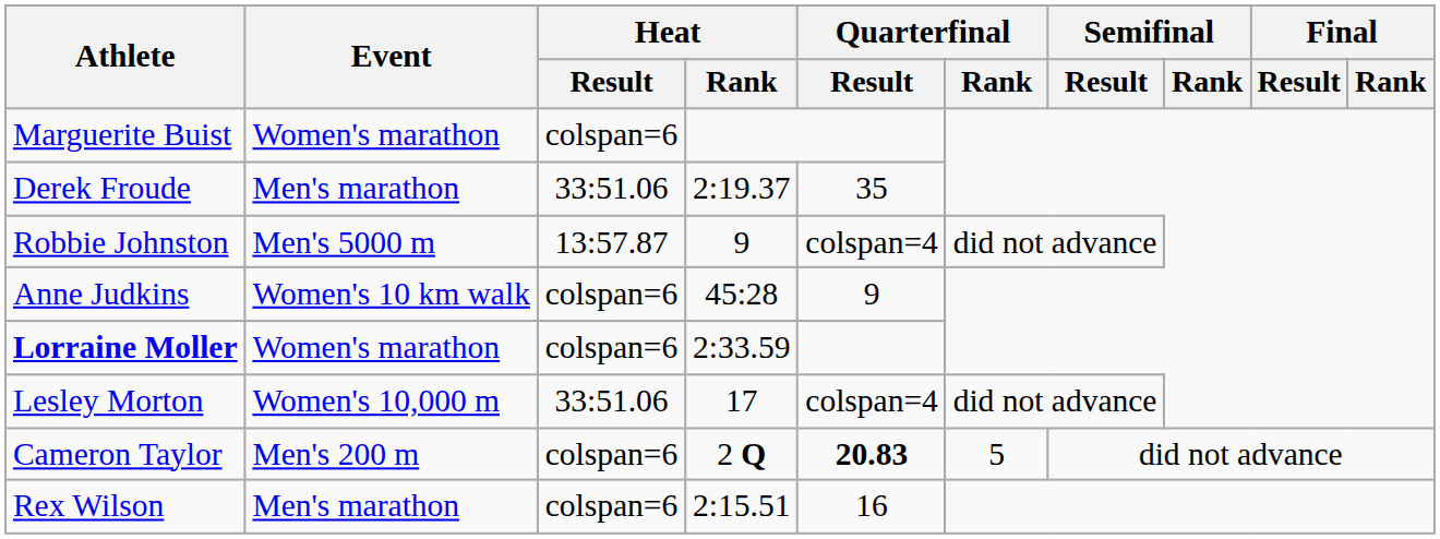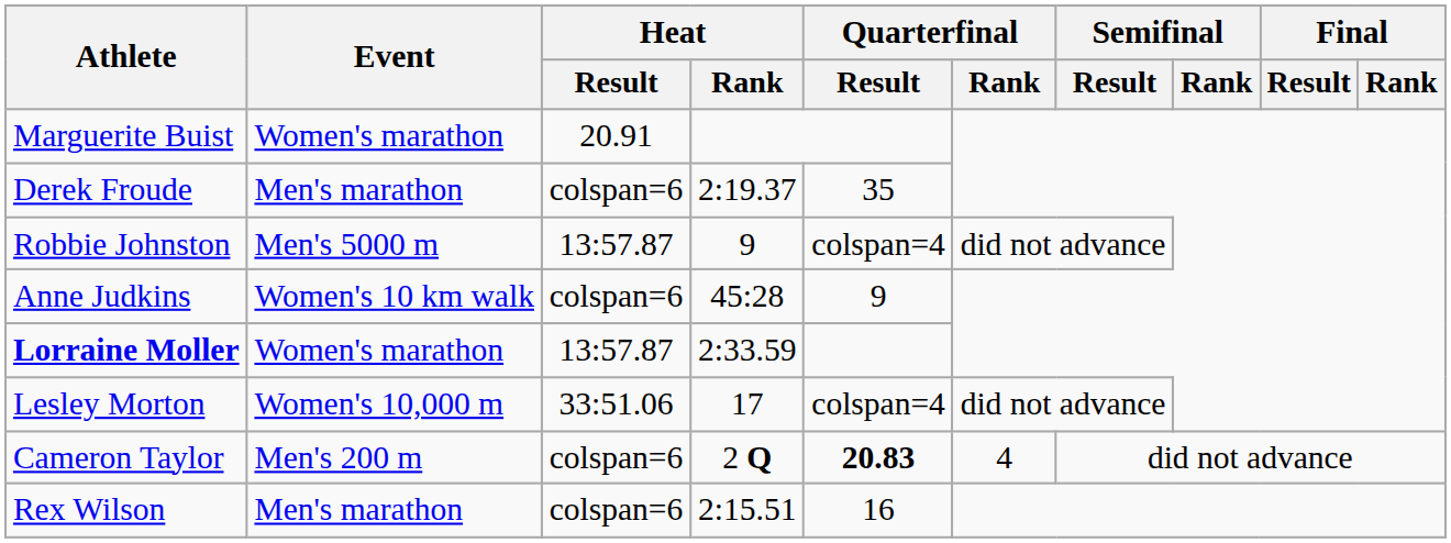 <table class=wikitable style=font-size:90%>
 <tr>
 <th rowspan=2>Athlete</th>
 <th rowspan=2>Event</th>
 <th colspan=2>Heat</th>
 <th colspan=2>Quarterfinal</th>
 <th colspan=2>Semifinal</th>
 <th colspan=2>Final</th>
 </tr>
 <tr style=font-size:95%>
 <th>Result</th>
 <th>Rank</th>
 <th>Result</th>
 <th>Rank</th>
 <th>Result</th>
 <th>Rank</th>
 <th>Result</th>
 <th>Rank</th>
 </tr>
 <tr align=center>
 <td align=left><a href='#'>Marguerite Buist</a></td>
 <td align=left><a href='#'>Women's marathon</a></td>
-<td>colspan=6 </td>
+<td>20.91</td>
 <td colspan=2></td>
 </tr>
 <tr align=center>
 <td align=left><a href='#'>Derek Froude</a></td>
 <td align=left><a href='#'>Men's marathon</a></td>
-<td>33:51.06</td>
+<td>colspan=6 </td>
 <td>2:19.37</td>
 <td>35</td>
 </tr>
 <tr align=center>
 <td align=left><a href='#'>Robbie Johnston</a></td>
 <td align=left><a href='#'>Men's 5000 m</a></td>
 <td>13:57.87</td>
 <td>9</td>
 <td>colspan=4 </td>
 <td colspan=2>did not advance</td>
 </tr>
 <tr align=center>
 <td align=left><a href='#'>Anne Judkins</a></td>
 <td align=left><a href='#'>Women's 10 km walk</a></td>
 <td>colspan=6 </td>
 <td>45:28</td>
 <td>9</td>
 </tr>
 <tr align=center>
 <td align=left><strong><a href='#'>Lorraine Moller</a></strong></td>
 <td align=left><a href='#'>Women's marathon</a></td>
-<td>colspan=6 </td>
+<td>13:57.87</td>
 <td>2:33.59</td>
 <td></td>
 </tr>
 <tr align=center>
 <td align=left><a href='#'>Lesley Morton</a></td>
 <td align=left><a href='#'>Women's 10,000 m</a></td>
 <td>33:51.06</td>
 <td>17</td>
 <td>colspan=4 </td>
 <td colspan=2>did not advance</td>
 </tr>
 <tr align=center>
 <td align=left><a href='#'>Cameron Taylor</a></td>
 <td align=left><a href='#'>Men's 200 m</a></td>
 <td>colspan=6 </td>
 <td>2 <strong>Q</strong></td>
 <td><strong>20.83</strong></td>
-<td>5</td>
+<td>4</td>
 <td colspan=4>did not advance</td>
 </tr>
 <tr align=center>
 <td align=left><a href='#'>Rex Wilson</a></td>
 <td align=left><a href='#'>Men's marathon</a></td>
 <td>colspan=6 </td>
 <td>2:15.51</td>
 <td>16</td>
 </tr>
 </table>
